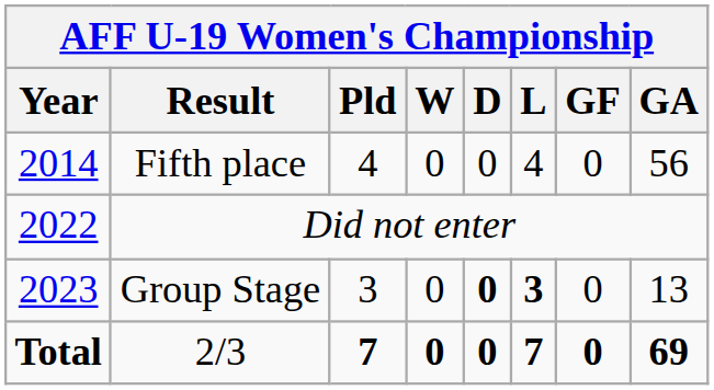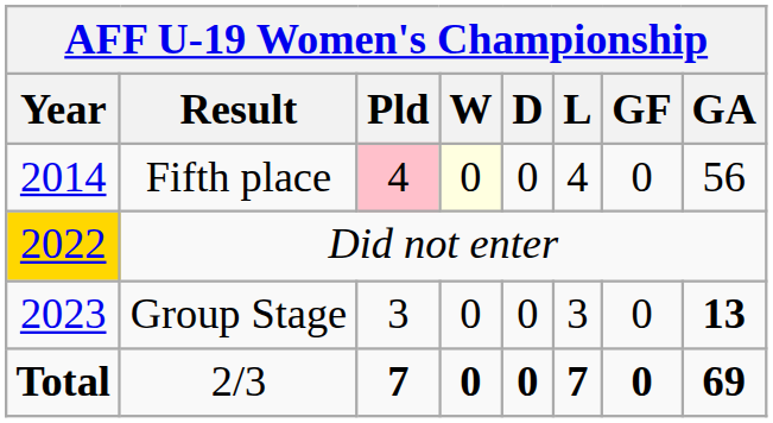 <table class="wikitable" style="text-align: center;">
 <tr>
 <th colspan=8><a href='#'>AFF U-19 Women's Championship</a></th>
 </tr>
 <tr>
 <th>Year</th>
 <th>Result</th>
 <th>Pld</th>
 <th>W</th>
 <th>D</th>
 <th>L</th>
 <th>GF</th>
 <th>GA</th>
 </tr>
 <tr>
 <td> <a href='#'>2014</a></td>
 <td>Fifth place</td>
-<td>4</td>
-<td>0</td>
+<td style="background: pink;">4</td>
+<td style="background: lightyellow;">0</td>
 <td>0</td>
 <td>4</td>
 <td>0</td>
 <td>56</td>
 </tr>
 <tr>
-<td> <a href='#'>2022</a></td>
+<td style="background: gold;"> <a href='#'>2022</a></td>
 <td colspan=7><em>Did not enter </em></td>
 </tr>
 <tr>
 <td> <a href='#'>2023</a></td>
 <td>Group Stage</td>
 <td>3</td>
 <td>0</td>
-<td><strong>0</strong></td>
-<td><strong>3</strong></td>
 <td>0</td>
-<td>13</td>
+<td>3</td>
+<td>0</td>
+<td><strong>13</strong></td>
 </tr>
 <tr>
 <td><strong>Total</strong></td>
 <td>2/3</td>
 <td><strong>7</strong></td>
 <td><strong>0</strong></td>
 <td><strong>0</strong></td>
 <td><strong>7</strong></td>
 <td><strong>0</strong></td>
 <td><strong>69</strong></td>
 </tr>
 </table>
